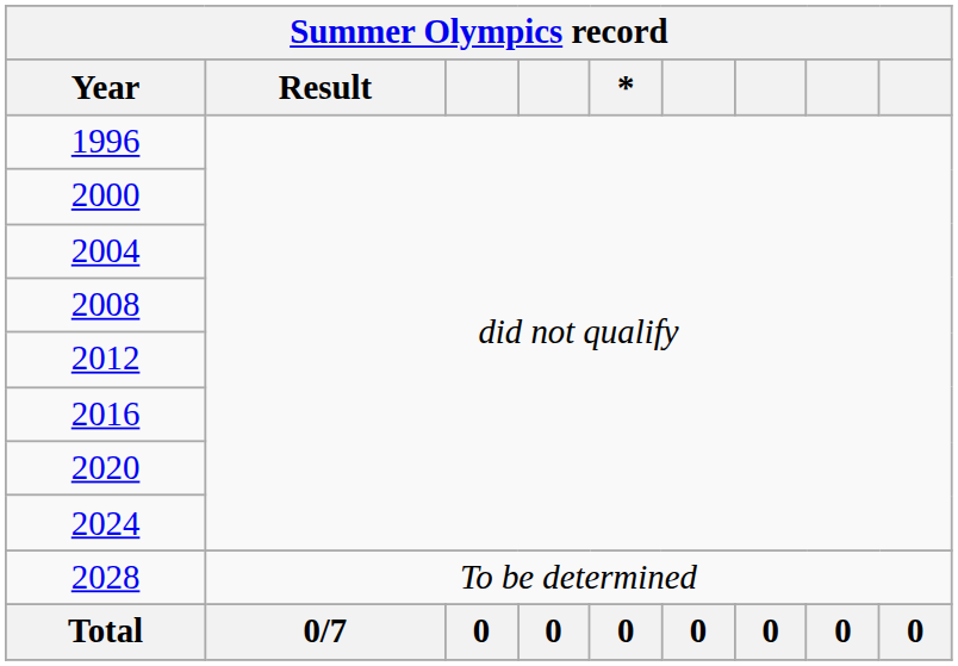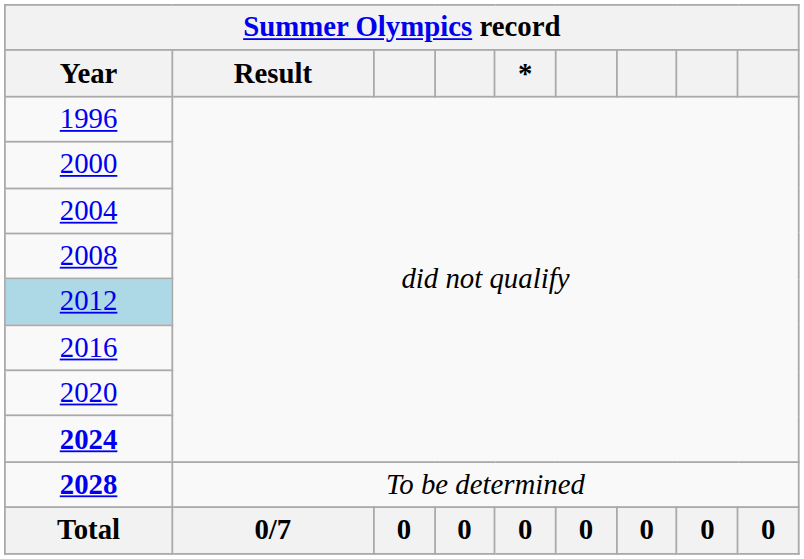 <table class="wikitable" style="text-align: center; width:50%;">
 <tr>
 <th colspan=10><a href='#'>Summer Olympics</a> record</th>
 </tr>
 <tr>
 <th>Year</th>
 <th>Result</th>
 <th></th>
 <th></th>
 <th>*</th>
 <th></th>
 <th></th>
 <th></th>
 <th></th>
 </tr>
 <tr>
 <td> <a href='#'>1996</a></td>
 <td colspan=8 rowspan=8><em>did not qualify</em></td>
 </tr>
 <tr>
 <td> <a href='#'>2000</a></td>
 </tr>
 <tr>
 <td> <a href='#'>2004</a></td>
 </tr>
 <tr>
 <td> <a href='#'>2008</a></td>
 </tr>
 <tr>
-<td> <a href='#'>2012</a></td>
+<td style="background: lightblue;"> <a href='#'>2012</a></td>
 </tr>
 <tr>
 <td> <a href='#'>2016</a></td>
 </tr>
 <tr>
 <td> <a href='#'>2020</a></td>
 </tr>
 <tr>
-<td> <a href='#'>2024</a></td>
+<td><strong> <a href='#'>2024</a></strong></td>
 </tr>
 <tr>
-<td> <a href='#'>2028</a></td>
+<td><strong> <a href='#'>2028</a></strong></td>
 <td colspan=8><em>To be determined</em></td>
 </tr>
 <tr>
 <th>Total</th>
 <th>0/7</th>
 <th>0</th>
 <th>0</th>
 <th>0</th>
 <th>0</th>
 <th>0</th>
 <th>0</th>
 <th>0</th>
 </tr>
 </table>
